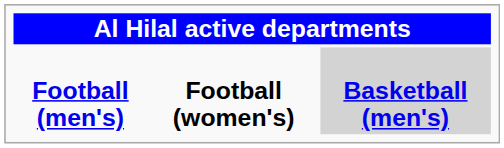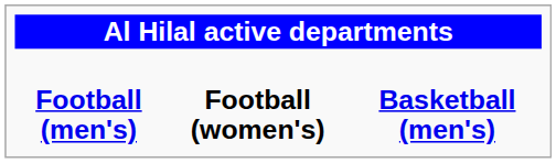 <table class="infobox" style="width: 20em; font-size: 95%em;">
 <tr style="color:white; background:blue; text-align:center;">
 <th colspan="3" style="text-align: center">Al Hilal active departments</th>
 </tr>
 <tr style="text-align: center">
 <td><br><strong><a href='#'>Football<br>(men's)</a></strong></td>
 <td><br><strong>Football<br>(women's)</strong></td>
-<td style="background: lightgrey;"><br><strong><a href='#'>Basketball<br>(men's)</a></strong></td>
+<td><br><strong><a href='#'>Basketball<br>(men's)</a></strong></td>
 </tr>
 </table>
